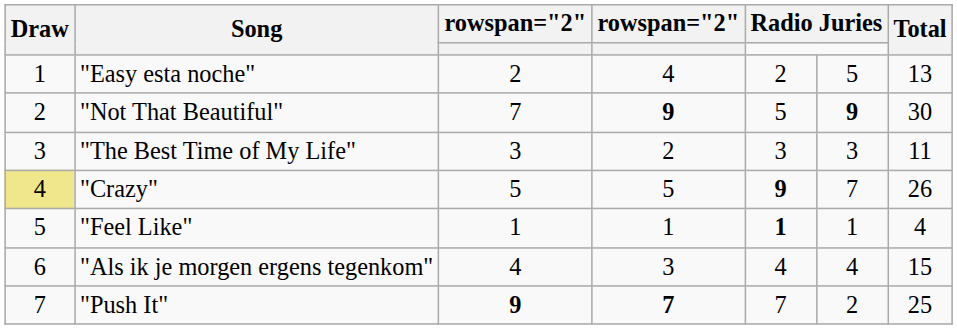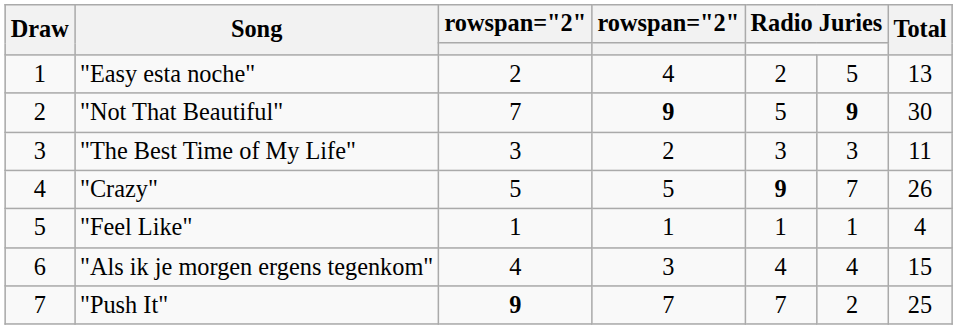 <table class="wikitable collapsible" style="margin: 1em auto 1em auto; text-align:center;">
 <tr>
 <th rowspan="2">Draw</th>
 <th rowspan="2">Song</th>
 <th>rowspan="2" </th>
 <th>rowspan="2" </th>
 <th colspan="2">Radio Juries</th>
 <th rowspan="2">Total</th>
 </tr>
 <tr>
 <th></th>
 <th></th>
 </tr>
 <tr>
 <td>1</td>
 <td align="left">"Easy esta noche"</td>
 <td>2</td>
 <td>4</td>
 <td>2</td>
 <td>5</td>
 <td>13</td>
 </tr>
 <tr>
 <td>2</td>
 <td align="left">"Not That Beautiful"</td>
 <td>7</td>
 <td><strong>9</strong></td>
 <td>5</td>
 <td><strong>9</strong></td>
 <td>30</td>
 </tr>
 <tr>
 <td>3</td>
 <td align="left">"The Best Time of My Life"</td>
 <td>3</td>
 <td>2</td>
 <td>3</td>
 <td>3</td>
 <td>11</td>
 </tr>
 <tr>
-<td style="background: khaki;">4</td>
+<td>4</td>
 <td align="left">"Crazy"</td>
 <td>5</td>
 <td>5</td>
 <td><strong>9</strong></td>
 <td>7</td>
 <td>26</td>
 </tr>
 <tr>
 <td>5</td>
 <td align="left">"Feel Like"</td>
 <td>1</td>
 <td>1</td>
-<td><strong>1</strong></td>
+<td>1</td>
 <td>1</td>
 <td>4</td>
 </tr>
 <tr>
 <td>6</td>
 <td align="left">"Als ik je morgen ergens tegenkom"</td>
 <td>4</td>
 <td>3</td>
 <td>4</td>
 <td>4</td>
 <td>15</td>
 </tr>
 <tr>
 <td>7</td>
 <td align="left">"Push It"</td>
 <td><strong>9</strong></td>
-<td><strong>7</strong></td>
+<td>7</td>
 <td>7</td>
 <td>2</td>
 <td>25</td>
 </tr>
 </table>
